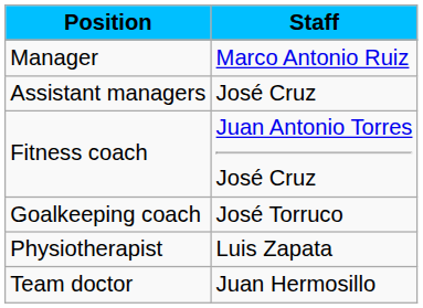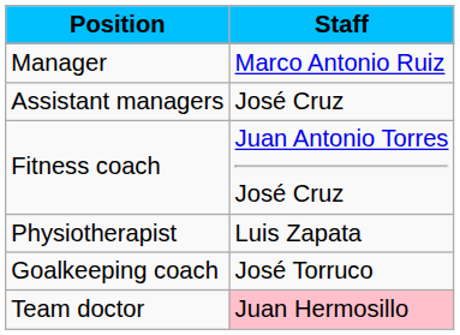 <table class="wikitable">
 <tr>
 <th style=background-color:#00BFFF;color:black>Position</th>
 <th style=background-color:#00BFFF;color:black>Staff</th>
 </tr>
 <tr>
 </tr>
 <tr>
 <td>Manager</td>
 <td> <a href='#'>Marco Antonio Ruiz</a></td>
 </tr>
 <tr>
 <td>Assistant managers</td>
 <td> José Cruz</td>
 </tr>
 <tr>
 <td>Fitness coach</td>
 <td> <a href='#'>Juan Antonio Torres</a><hr>   José Cruz</td>
 </tr>
 <tr>
+<td>Physiotherapist</td>
+<td> Luis Zapata</td>
+</tr>
+<tr>
 <td>Goalkeeping coach</td>
 <td> José Torruco</td>
 </tr>
 <tr>
-<td>Physiotherapist</td>
-<td> Luis Zapata</td>
-</tr>
-<tr>
 <td>Team doctor</td>
-<td> Juan Hermosillo</td>
+<td style="background: pink;"> Juan Hermosillo</td>
 </tr>
 </table>
